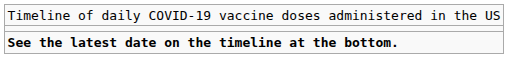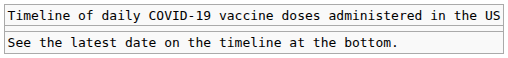 <table class="wikitable">
 <tr>
 <td style=max-width:500px>Timeline of daily COVID-19 vaccine doses administered in the US</td>
 </tr>
 <tr>
 <td></td>
 </tr>
 <tr>
-<td style=max-width:300px><strong>See the latest date on the timeline at the bottom.</strong></td>
+<td style=max-width:300px>See the latest date on the timeline at the bottom.</td>
 </tr>
 </table>
